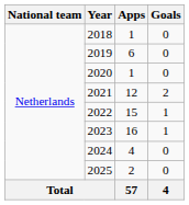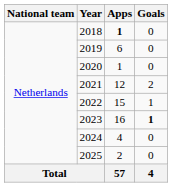 <table class="wikitable" style="text-align:center">
 <tr>
 <th>National team</th>
 <th>Year</th>
 <th>Apps</th>
 <th>Goals</th>
 </tr>
 <tr>
 <td rowspan="8"><a href='#'>Netherlands</a></td>
 <td>2018</td>
-<td>1</td>
+<td><strong>1</strong></td>
 <td>0</td>
 </tr>
 <tr>
 <td>2019</td>
 <td>6</td>
 <td>0</td>
 </tr>
 <tr>
 <td>2020</td>
 <td>1</td>
 <td>0</td>
 </tr>
 <tr>
 <td>2021</td>
 <td>12</td>
 <td>2</td>
 </tr>
 <tr>
 <td>2022</td>
 <td>15</td>
 <td>1</td>
 </tr>
 <tr>
 <td>2023</td>
 <td>16</td>
-<td>1</td>
+<td><strong>1</strong></td>
 </tr>
 <tr>
 <td>2024</td>
 <td>4</td>
 <td>0</td>
 </tr>
 <tr>
 <td>2025</td>
 <td>2</td>
 <td>0</td>
 </tr>
 <tr>
 <th colspan="2">Total</th>
 <th>57</th>
 <th>4</th>
 </tr>
 </table>
